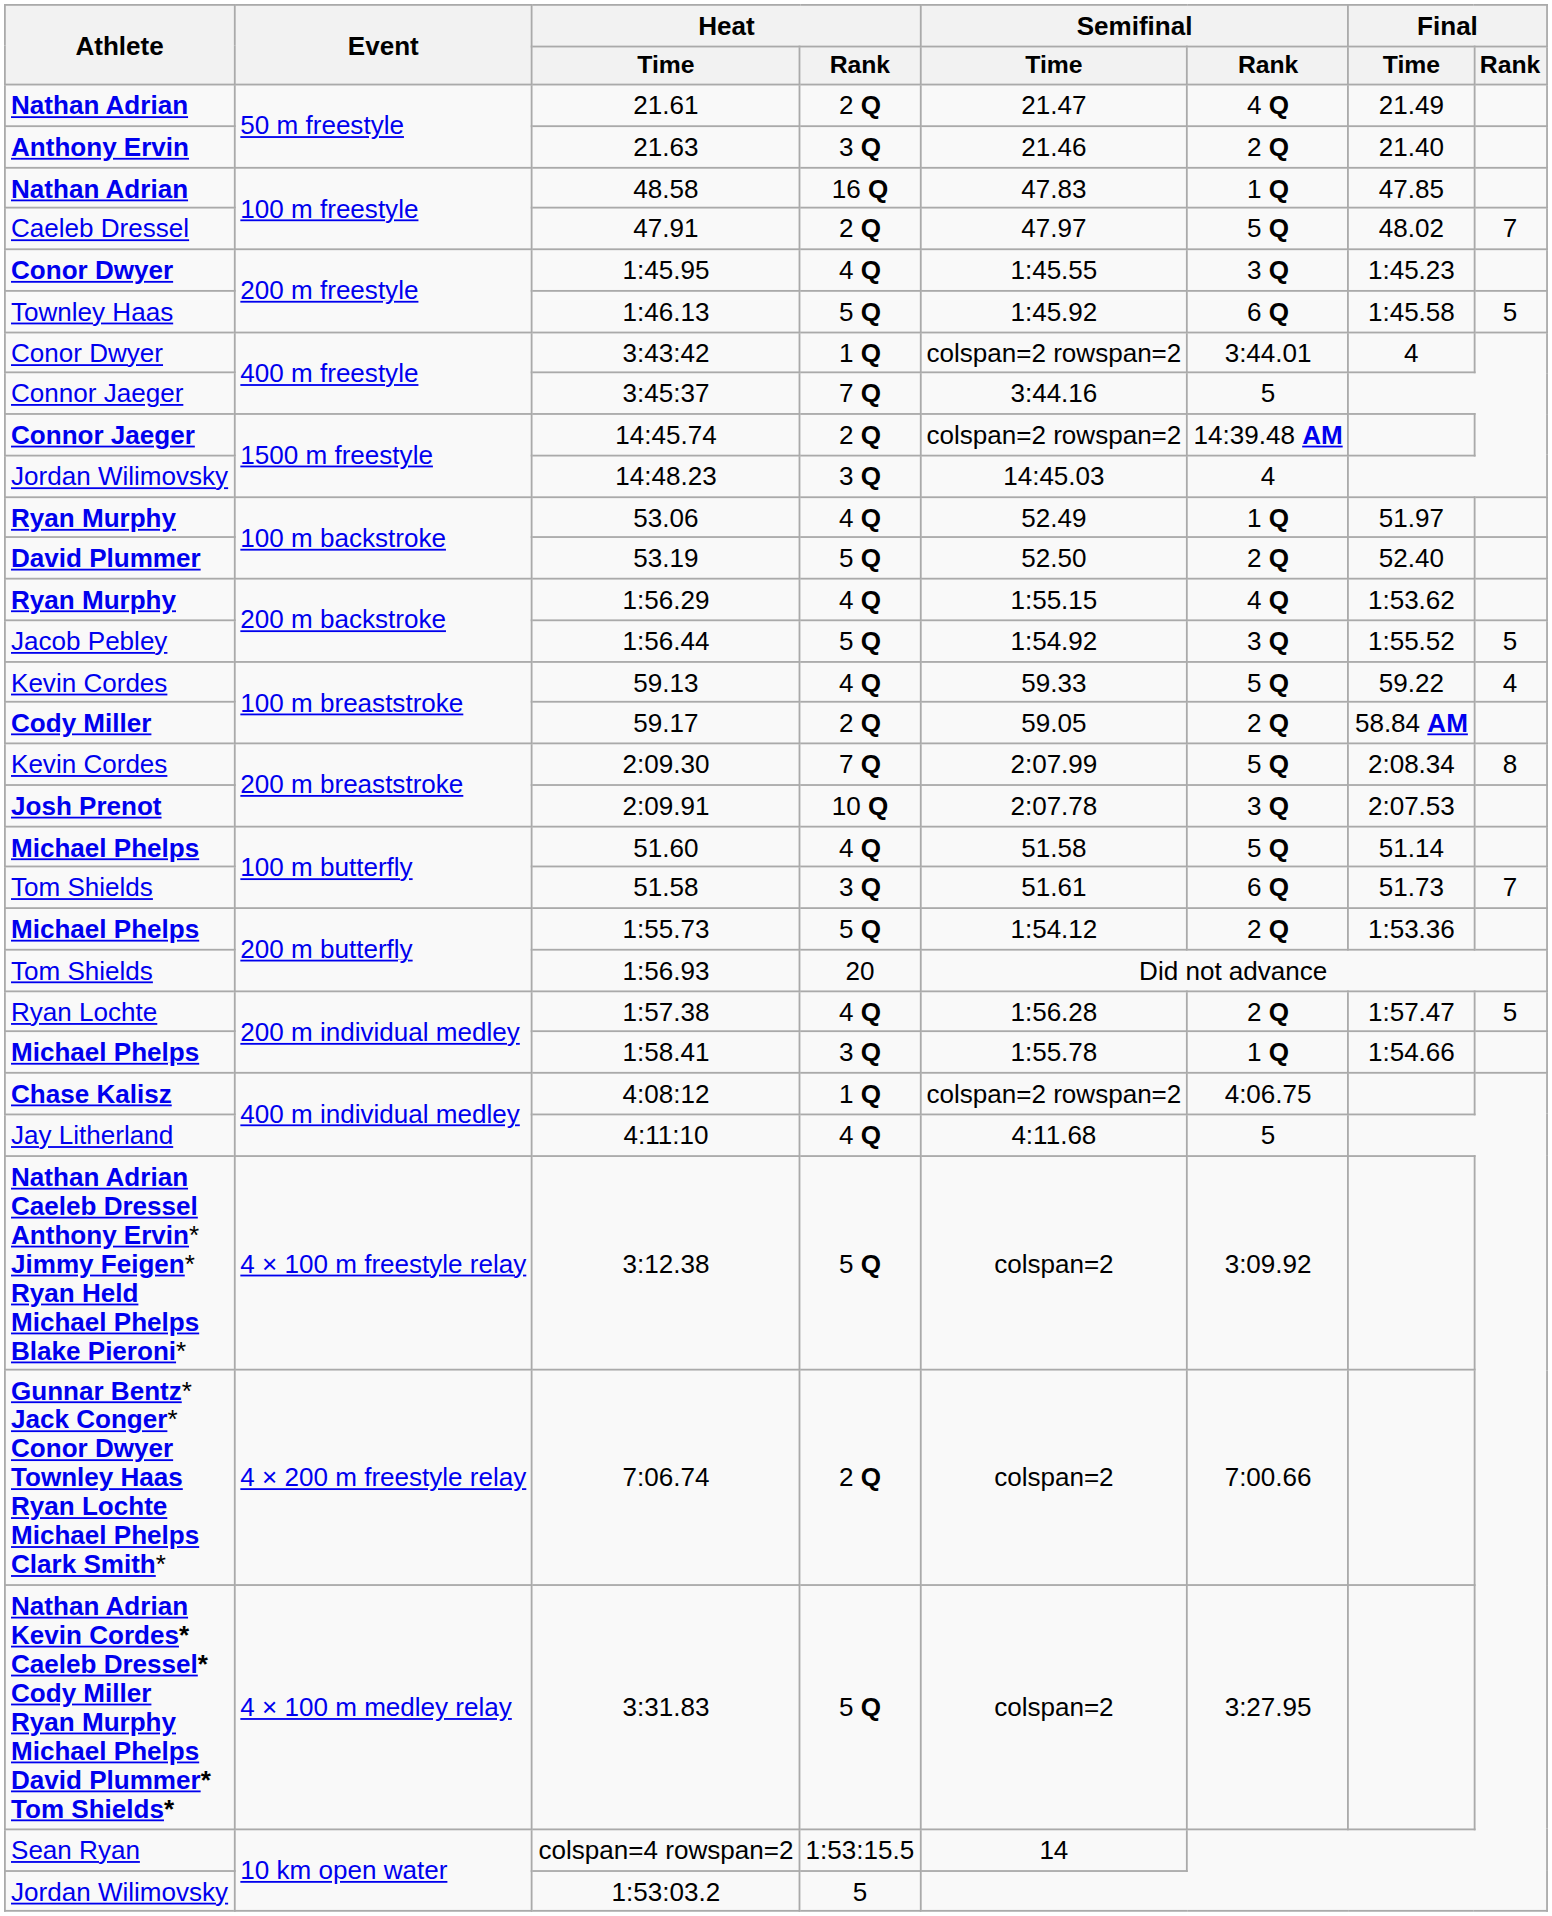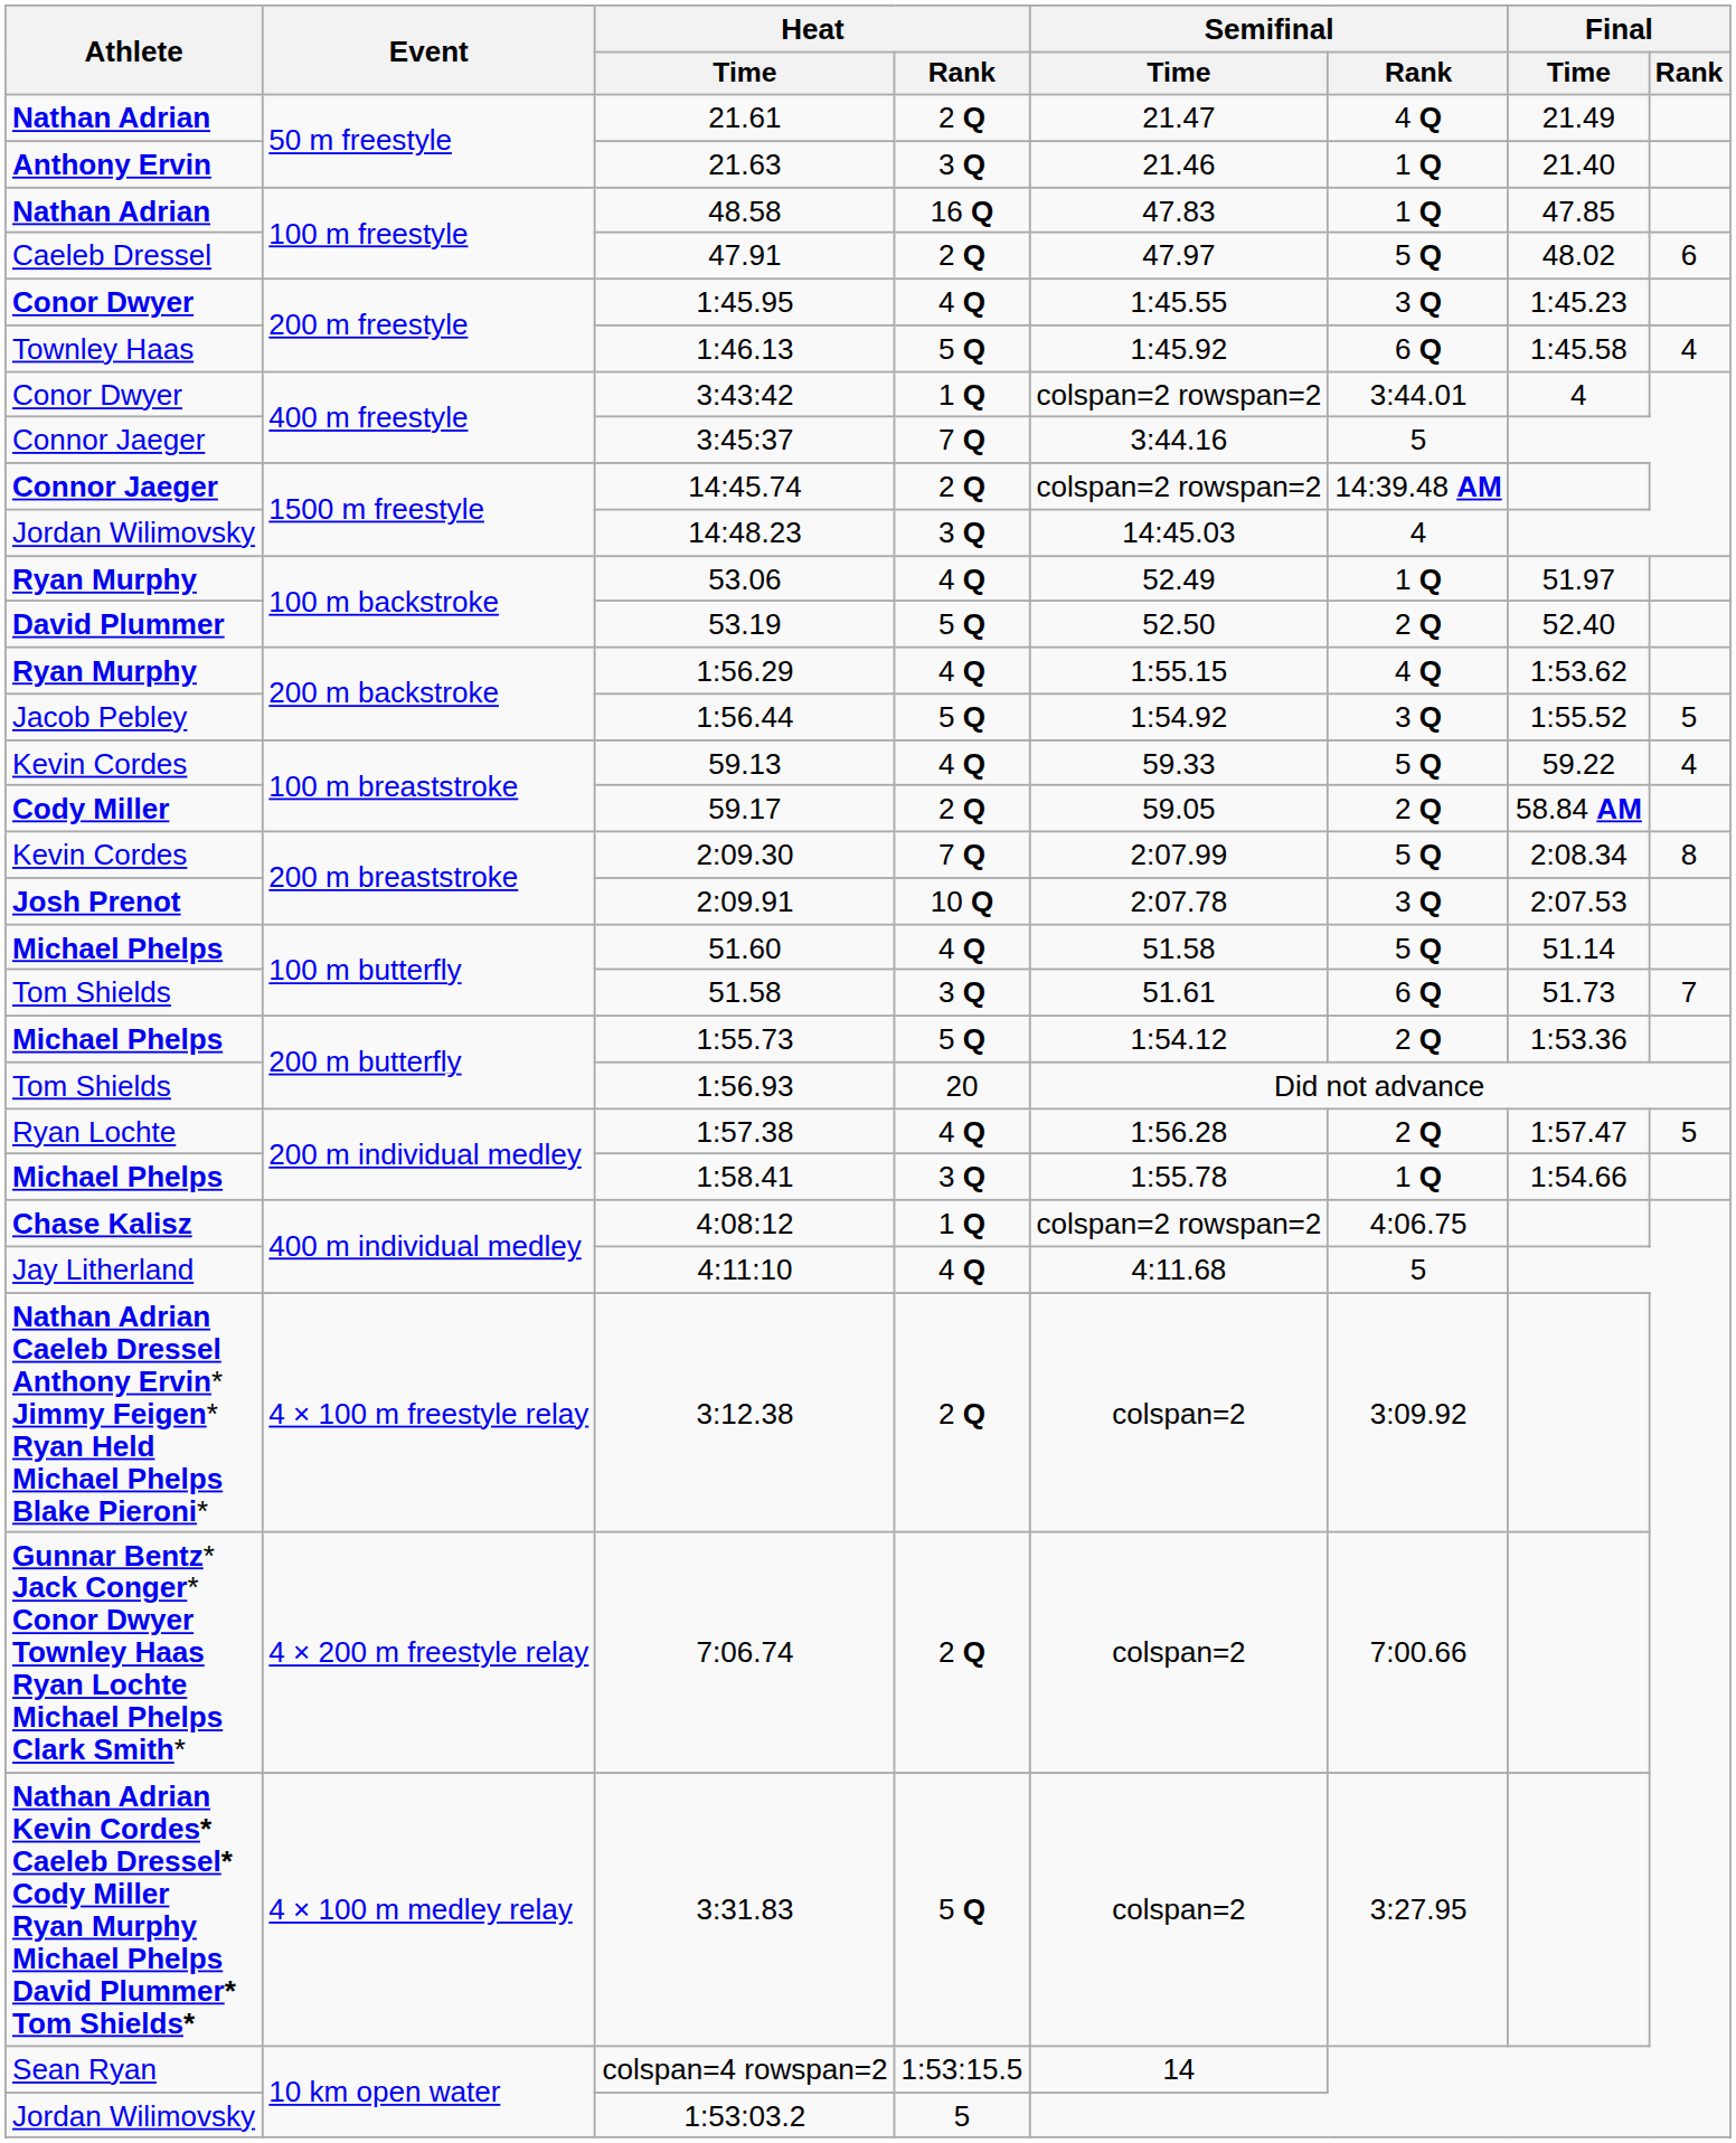 <table class=wikitable style=font-size:90%;text-align:center>
 <tr>
 <th rowspan=2>Athlete</th>
 <th rowspan=2>Event</th>
 <th colspan=2>Heat</th>
 <th colspan=2>Semifinal</th>
 <th colspan=2>Final</th>
 </tr>
 <tr style=font-size:95%>
 <th>Time</th>
 <th>Rank</th>
 <th>Time</th>
 <th>Rank</th>
 <th>Time</th>
 <th>Rank</th>
 </tr>
 <tr>
 <td align=left><strong><a href='#'>Nathan Adrian</a></strong></td>
 <td align=left rowspan=2><a href='#'>50 m freestyle</a></td>
 <td>21.61</td>
 <td>2 <strong>Q</strong></td>
 <td>21.47</td>
 <td>4 <strong>Q</strong></td>
 <td>21.49</td>
 <td></td>
 </tr>
 <tr>
 <td align=left><strong><a href='#'>Anthony Ervin</a></strong></td>
 <td>21.63</td>
 <td>3 <strong>Q</strong></td>
 <td>21.46</td>
-<td>2 <strong>Q</strong></td>
+<td>1 <strong>Q</strong></td>
 <td>21.40</td>
 <td></td>
 </tr>
 <tr>
 <td align=left><strong><a href='#'>Nathan Adrian</a></strong></td>
 <td align=left rowspan=2><a href='#'>100 m freestyle</a></td>
 <td>48.58</td>
 <td>16 <strong>Q</strong></td>
 <td>47.83</td>
 <td>1 <strong>Q</strong></td>
 <td>47.85</td>
 <td></td>
 </tr>
 <tr>
 <td align=left><a href='#'>Caeleb Dressel</a></td>
 <td>47.91</td>
 <td>2 <strong>Q</strong></td>
 <td>47.97</td>
 <td>5 <strong>Q</strong></td>
 <td>48.02</td>
-<td>7</td>
+<td>6</td>
 </tr>
 <tr>
 <td align=left><strong><a href='#'>Conor Dwyer</a></strong></td>
 <td align=left rowspan=2><a href='#'>200 m freestyle</a></td>
 <td>1:45.95</td>
 <td>4 <strong>Q</strong></td>
 <td>1:45.55</td>
 <td>3 <strong>Q</strong></td>
 <td>1:45.23</td>
 <td></td>
 </tr>
 <tr>
 <td align=left><a href='#'>Townley Haas</a></td>
 <td>1:46.13</td>
 <td>5 <strong>Q</strong></td>
 <td>1:45.92</td>
 <td>6 <strong>Q</strong></td>
 <td>1:45.58</td>
-<td>5</td>
+<td>4</td>
 </tr>
 <tr>
 <td align=left><a href='#'>Conor Dwyer</a></td>
 <td align=left rowspan=2><a href='#'>400 m freestyle</a></td>
 <td>3:43:42</td>
 <td>1 <strong>Q</strong></td>
 <td>colspan=2 rowspan=2 </td>
 <td>3:44.01</td>
 <td>4</td>
 </tr>
 <tr>
 <td align=left><a href='#'>Connor Jaeger</a></td>
 <td>3:45:37</td>
 <td>7 <strong>Q</strong></td>
 <td>3:44.16</td>
 <td>5</td>
 </tr>
 <tr>
 <td align=left><strong><a href='#'>Connor Jaeger</a></strong></td>
 <td align=left rowspan=2><a href='#'>1500 m freestyle</a></td>
 <td>14:45.74</td>
 <td>2 <strong>Q</strong></td>
 <td>colspan=2 rowspan=2 </td>
 <td>14:39.48 <strong><a href='#'>AM</a></strong></td>
 <td></td>
 </tr>
 <tr>
 <td align=left><a href='#'>Jordan Wilimovsky</a></td>
 <td>14:48.23</td>
 <td>3 <strong>Q</strong></td>
 <td>14:45.03</td>
 <td>4</td>
 </tr>
 <tr>
 <td align=left><strong><a href='#'>Ryan Murphy</a></strong></td>
 <td align=left rowspan=2><a href='#'>100 m backstroke</a></td>
 <td>53.06</td>
 <td>4 <strong>Q</strong></td>
 <td>52.49</td>
 <td>1 <strong>Q</strong></td>
 <td>51.97 </td>
 <td></td>
 </tr>
 <tr>
 <td align=left><strong><a href='#'>David Plummer</a></strong></td>
 <td>53.19</td>
 <td>5 <strong>Q</strong></td>
 <td>52.50</td>
 <td>2 <strong>Q</strong></td>
 <td>52.40</td>
 <td></td>
 </tr>
 <tr>
 <td align=left><strong><a href='#'>Ryan Murphy</a></strong></td>
 <td align=left rowspan=2><a href='#'>200 m backstroke</a></td>
 <td>1:56.29</td>
 <td>4 <strong>Q</strong></td>
 <td>1:55.15</td>
 <td>4 <strong>Q</strong></td>
 <td>1:53.62</td>
 <td></td>
 </tr>
 <tr>
 <td align=left><a href='#'>Jacob Pebley</a></td>
 <td>1:56.44</td>
 <td>5 <strong>Q</strong></td>
 <td>1:54.92</td>
 <td>3 <strong>Q</strong></td>
 <td>1:55.52</td>
 <td>5</td>
 </tr>
 <tr>
 <td align=left><a href='#'>Kevin Cordes</a></td>
 <td align=left rowspan=2><a href='#'>100 m breaststroke</a></td>
 <td>59.13</td>
 <td>4 <strong>Q</strong></td>
 <td>59.33</td>
 <td>5 <strong>Q</strong></td>
 <td>59.22</td>
 <td>4</td>
 </tr>
 <tr>
 <td align=left><strong><a href='#'>Cody Miller</a></strong></td>
 <td>59.17</td>
 <td>2 <strong>Q</strong></td>
 <td>59.05</td>
 <td>2 <strong>Q</strong></td>
 <td>58.84 <strong><a href='#'>AM</a></strong></td>
 <td></td>
 </tr>
 <tr>
 <td align=left><a href='#'>Kevin Cordes</a></td>
 <td align=left rowspan=2><a href='#'>200 m breaststroke</a></td>
 <td>2:09.30</td>
 <td>7 <strong>Q</strong></td>
 <td>2:07.99</td>
 <td>5 <strong>Q</strong></td>
 <td>2:08.34</td>
 <td>8</td>
 </tr>
 <tr>
 <td align=left><strong><a href='#'>Josh Prenot</a></strong></td>
 <td>2:09.91</td>
 <td>10 <strong>Q</strong></td>
 <td>2:07.78</td>
 <td>3 <strong>Q</strong></td>
 <td>2:07.53</td>
 <td></td>
 </tr>
 <tr>
 <td align=left><strong><a href='#'>Michael Phelps</a></strong></td>
 <td align=left rowspan=2><a href='#'>100 m butterfly</a></td>
 <td>51.60</td>
 <td>4 <strong>Q</strong></td>
 <td>51.58</td>
 <td>5 <strong>Q</strong></td>
 <td>51.14</td>
 <td></td>
 </tr>
 <tr>
 <td align=left><a href='#'>Tom Shields</a></td>
 <td>51.58</td>
 <td>3 <strong>Q</strong></td>
 <td>51.61</td>
 <td>6 <strong>Q</strong></td>
 <td>51.73</td>
 <td>7</td>
 </tr>
 <tr>
 <td align=left><strong><a href='#'>Michael Phelps</a></strong></td>
 <td align=left rowspan=2><a href='#'>200 m butterfly</a></td>
 <td>1:55.73</td>
 <td>5 <strong>Q</strong></td>
 <td>1:54.12</td>
 <td>2 <strong>Q</strong></td>
 <td>1:53.36</td>
 <td></td>
 </tr>
 <tr>
 <td align=left><a href='#'>Tom Shields</a></td>
 <td>1:56.93</td>
 <td>20</td>
 <td colspan=4>Did not advance</td>
 </tr>
 <tr>
 <td align=left><a href='#'>Ryan Lochte</a></td>
 <td align=left rowspan=2><a href='#'>200 m individual medley</a></td>
 <td>1:57.38</td>
 <td>4 <strong>Q</strong></td>
 <td>1:56.28</td>
 <td>2 <strong>Q</strong></td>
 <td>1:57.47</td>
 <td>5</td>
 </tr>
 <tr>
 <td align=left><strong><a href='#'>Michael Phelps</a></strong></td>
 <td>1:58.41</td>
 <td>3 <strong>Q</strong></td>
 <td>1:55.78</td>
 <td>1 <strong>Q</strong></td>
 <td>1:54.66</td>
 <td></td>
 </tr>
 <tr>
 <td align=left><strong><a href='#'>Chase Kalisz</a></strong></td>
 <td align=left rowspan=2><a href='#'>400 m individual medley</a></td>
 <td>4:08:12</td>
 <td>1 <strong>Q</strong></td>
 <td>colspan=2 rowspan=2 </td>
 <td>4:06.75</td>
 <td></td>
 </tr>
 <tr>
 <td align=left><a href='#'>Jay Litherland</a></td>
 <td>4:11:10</td>
 <td>4 <strong>Q</strong></td>
 <td>4:11.68</td>
 <td>5</td>
 </tr>
 <tr>
 <td align=left><strong><a href='#'>Nathan Adrian</a><br><a href='#'>Caeleb Dressel</a><br><a href='#'>Anthony Ervin</a></strong>*<br><strong><a href='#'>Jimmy Feigen</a></strong>*<br><strong><a href='#'>Ryan Held</a><br><a href='#'>Michael Phelps</a><br><a href='#'>Blake Pieroni</a></strong>*</td>
 <td align=left><a href='#'>4 × 100 m freestyle relay</a></td>
 <td>3:12.38</td>
-<td>5 <strong>Q</strong></td>
+<td>2 <strong>Q</strong></td>
 <td>colspan=2 </td>
 <td>3:09.92</td>
 <td></td>
 </tr>
 <tr>
 <td align=left><strong><a href='#'>Gunnar Bentz</a></strong>*<br><strong><a href='#'>Jack Conger</a></strong>*<br><strong><a href='#'>Conor Dwyer</a><br><a href='#'>Townley Haas</a><br><a href='#'>Ryan Lochte</a><br><a href='#'>Michael Phelps</a><br><a href='#'>Clark Smith</a></strong>*</td>
 <td align=left><a href='#'>4 × 200 m freestyle relay</a></td>
 <td>7:06.74</td>
 <td>2 <strong>Q</strong></td>
 <td>colspan=2 </td>
 <td>7:00.66</td>
 <td></td>
 </tr>
 <tr>
 <td align=left><strong><a href='#'>Nathan Adrian</a><br><a href='#'>Kevin Cordes</a>*<br><a href='#'>Caeleb Dressel</a>*<br><a href='#'>Cody Miller</a><br><a href='#'>Ryan Murphy</a><br><a href='#'>Michael Phelps</a><br><a href='#'>David Plummer</a>*<br><a href='#'>Tom Shields</a>*</strong></td>
 <td align=left><a href='#'>4 × 100 m medley relay</a></td>
 <td>3:31.83</td>
 <td>5 <strong>Q</strong></td>
 <td>colspan=2 </td>
 <td>3:27.95 </td>
 <td></td>
 </tr>
 <tr>
 <td align=left><a href='#'>Sean Ryan</a></td>
 <td align=left rowspan=2><a href='#'>10 km open water</a></td>
 <td>colspan=4 rowspan=2 </td>
 <td>1:53:15.5</td>
 <td>14</td>
 </tr>
 <tr>
 <td align=left><a href='#'>Jordan Wilimovsky</a></td>
 <td>1:53:03.2</td>
 <td>5</td>
 </tr>
 </table>
